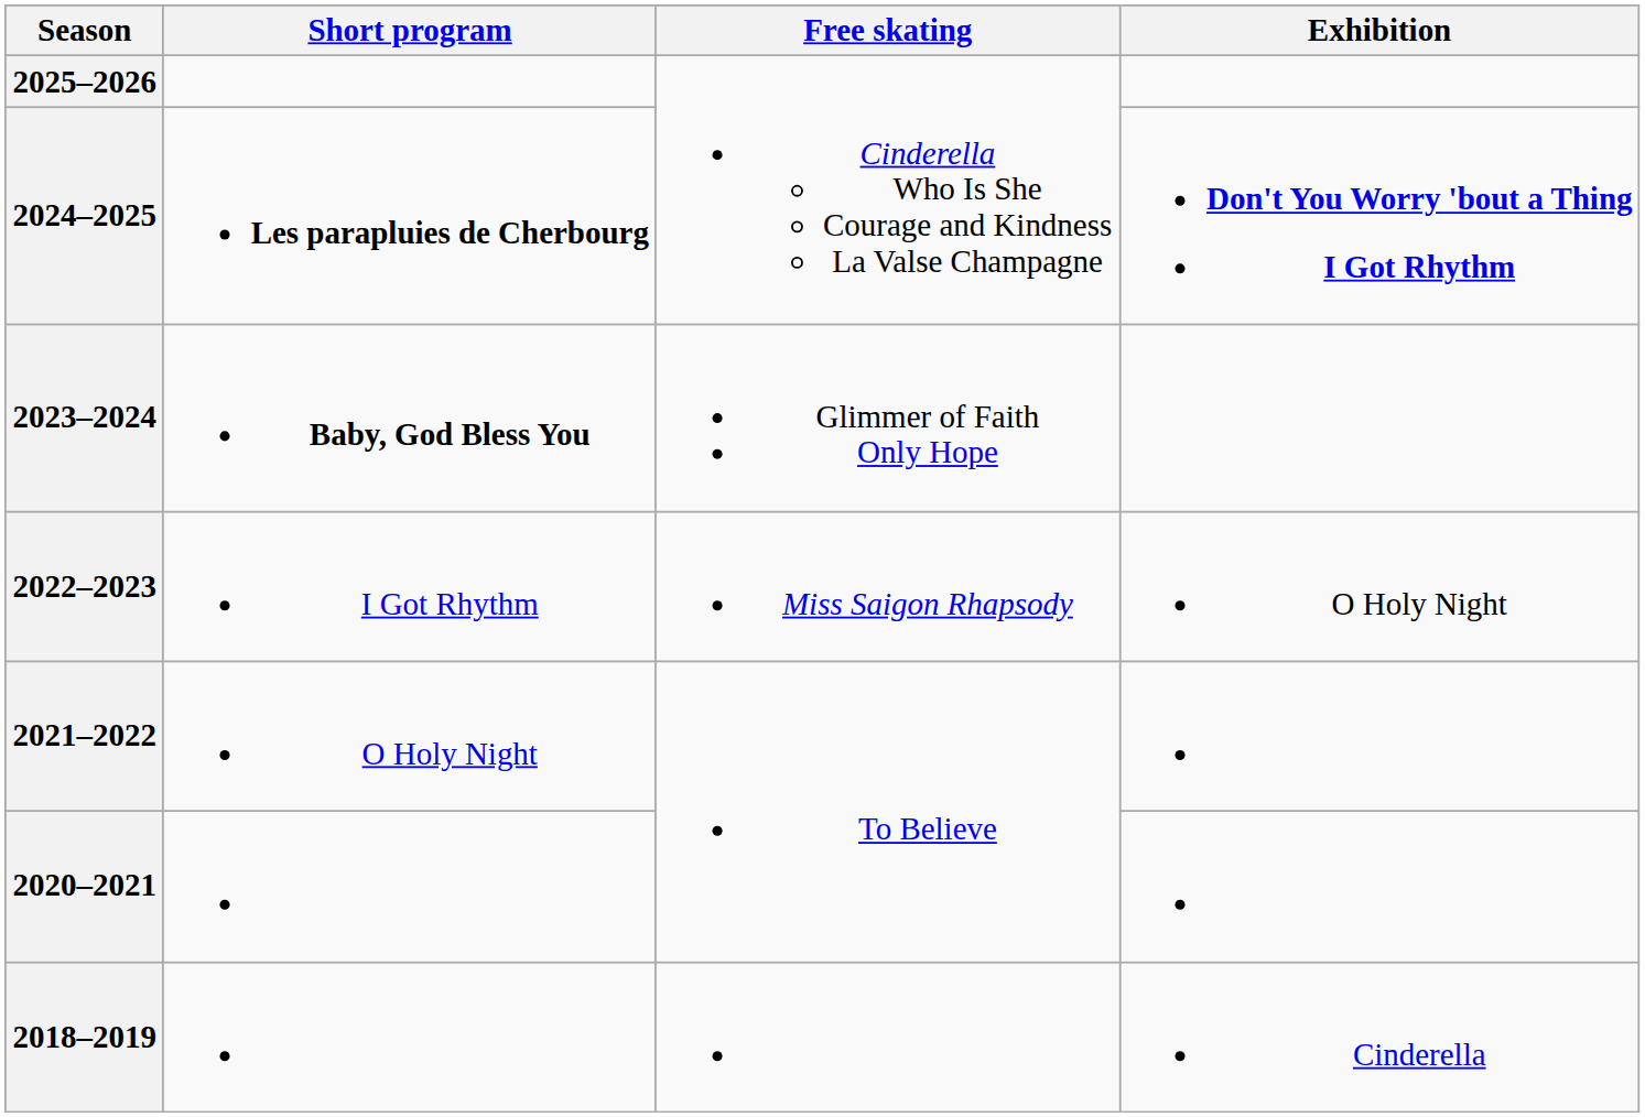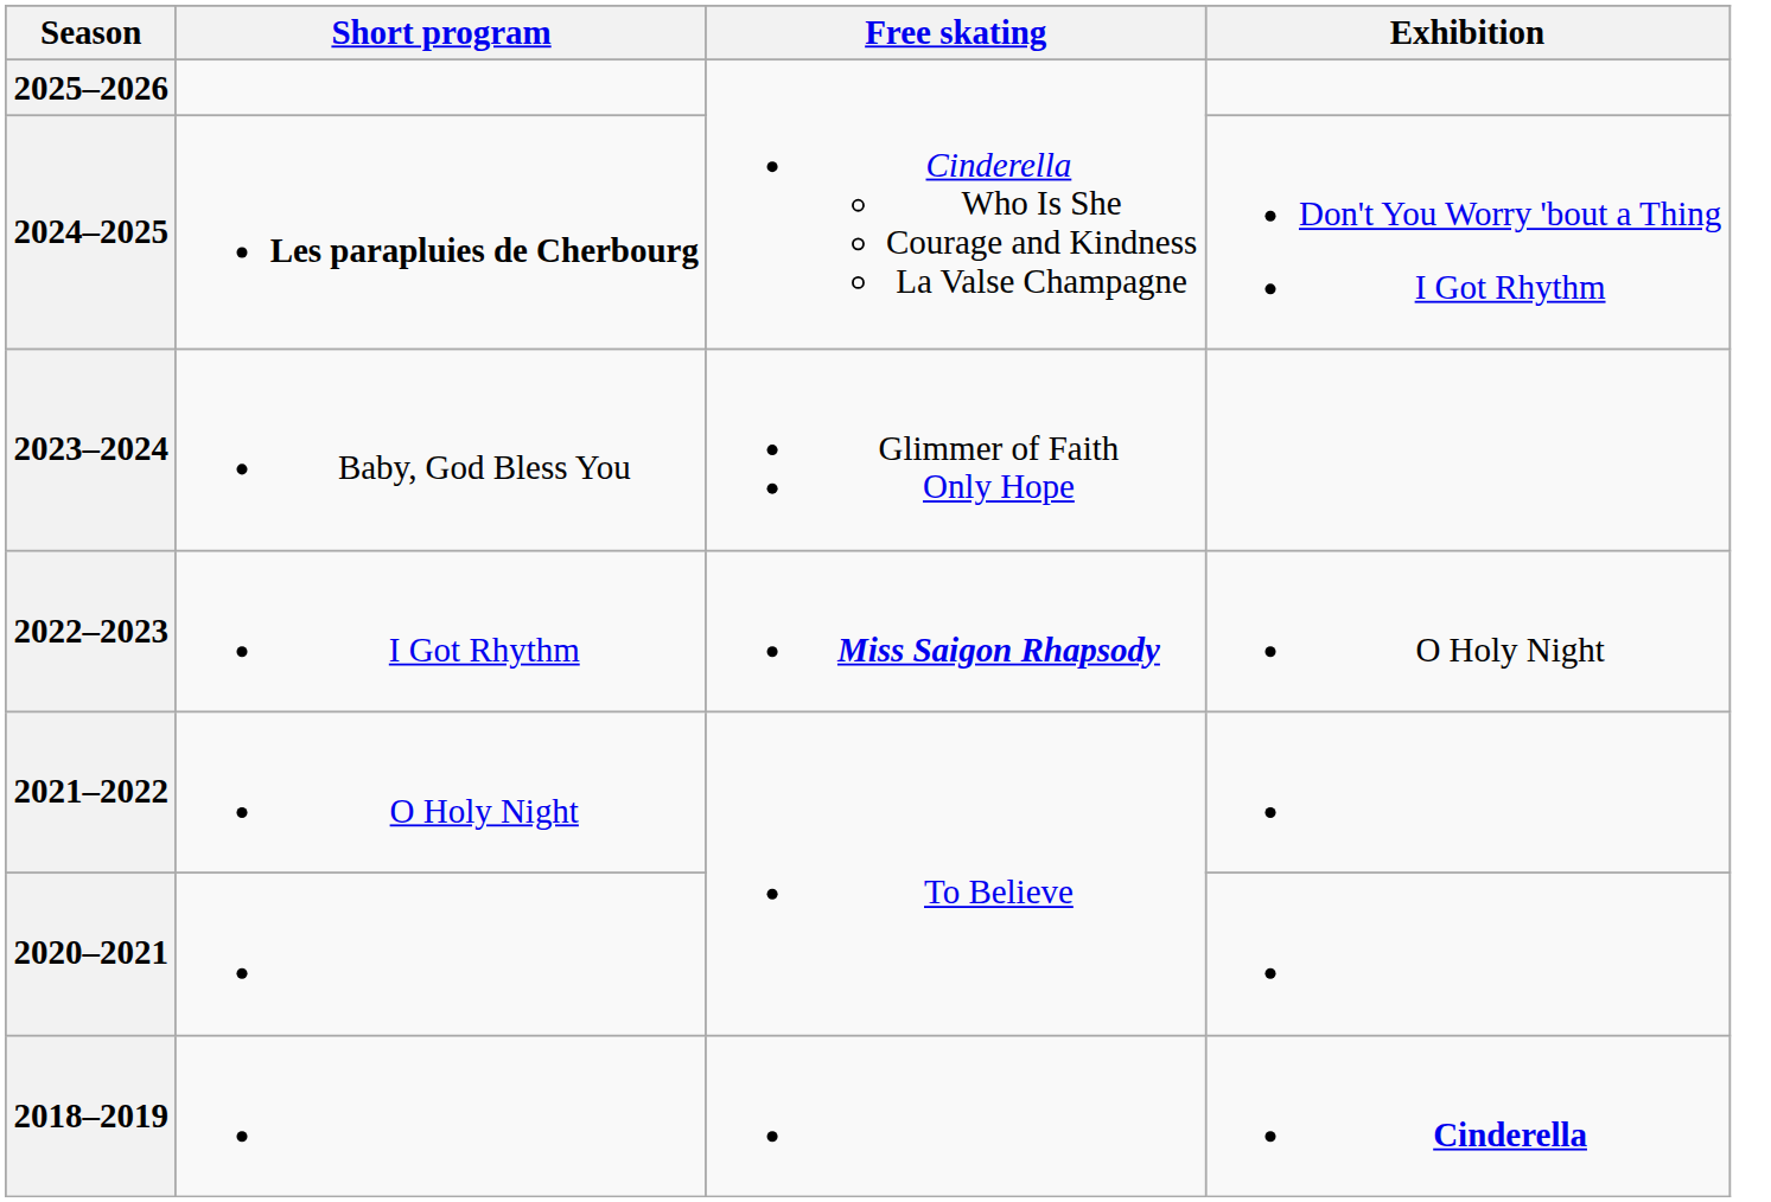 <table class=wikitable style=text-align:center>
 <tr>
 <th>Season</th>
 <th><a href='#'>Short program</a></th>
 <th><a href='#'>Free skating</a></th>
 <th>Exhibition</th>
 </tr>
 <tr>
 <th>2025–2026 <br> </th>
 <td></td>
 <td rowspan=2><br><ul><li><em><a href='#'>Cinderella</a></em><ul><li>Who Is She</li><li>Courage and Kindness</li><li>La Valse Champagne <br> </li></ul></li></ul></td>
 <td></td>
 </tr>
 <tr>
 <th>2024–2025 <br> </th>
 <td><strong><br><ul><li>Les parapluies de Cherbourg <br> </li></ul></strong></td>
-<td><strong><br><ul><li><a href='#'>Don't You Worry 'bout a Thing</a> <br> </li></ul><ul><li><a href='#'>I Got Rhythm</a> <br> </li></ul></strong></td>
+<td><br><ul><li><a href='#'>Don't You Worry 'bout a Thing</a> <br> </li></ul><ul><li><a href='#'>I Got Rhythm</a> <br> </li></ul></td>
 </tr>
 <tr>
 <th>2023–2024 <br> </th>
-<td><strong><br><ul><li>Baby, God Bless You <br> </li></ul></strong></td>
+<td><br><ul><li>Baby, God Bless You <br> </li></ul></td>
 <td><br><ul><li>Glimmer of Faith <br></li><li><a href='#'>Only Hope</a> <br> </li></ul></td>
 <td></td>
 </tr>
 <tr>
 <th>2022–2023 <br> </th>
 <td><br><ul><li><a href='#'>I Got Rhythm</a> <br> </li></ul></td>
-<td><br><ul><li><em><a href='#'>Miss Saigon Rhapsody</a></em> <br> </li></ul></td>
+<td><strong><br><ul><li><em><a href='#'>Miss Saigon Rhapsody</a></em> <br> </li></ul></strong></td>
 <td><br><ul><li>O Holy Night <br> </li></ul></td>
 </tr>
 <tr>
 <th>2021–2022 <br> </th>
 <td><br><ul><li><a href='#'>O Holy Night</a> <br> </li></ul></td>
 <td rowspan=2><br><ul><li><a href='#'>To Believe</a> <br> </li></ul></td>
 <td><br><ul><li></li></ul></td>
 </tr>
 <tr>
 <th>2020–2021 <br> </th>
 <td><br><ul><li></li></ul></td>
 <td><br><ul><li></li></ul></td>
 </tr>
 <tr>
 <th>2018–2019 <br> </th>
 <td><br><ul><li></li></ul></td>
 <td><br><ul><li></li></ul></td>
-<td><br><ul><li><a href='#'>Cinderella</a> <br> </li></ul></td>
+<td><strong><br><ul><li><a href='#'>Cinderella</a> <br> </li></ul></strong></td>
 </tr>
 </table>
